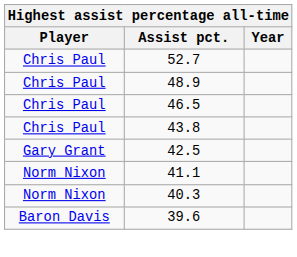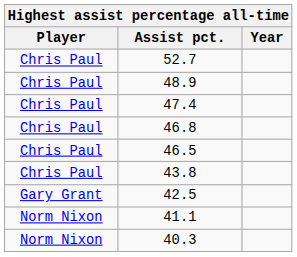 <table class="wikitable sortable" style="text-align:center">
 <tr>
 <th colspan="3">Highest assist percentage all-time</th>
 </tr>
 <tr>
 <th>Player</th>
 <th>Assist pct.</th>
 <th>Year</th>
 </tr>
 <tr>
 <td><a href='#'>Chris Paul</a></td>
 <td>52.7</td>
 <td></td>
 </tr>
 <tr>
 <td><a href='#'>Chris Paul</a></td>
 <td>48.9</td>
+<td></td>
+</tr>
+<tr>
+<td><a href='#'>Chris Paul</a></td>
+<td>47.4</td>
+<td></td>
+</tr>
+<tr>
+<td><a href='#'>Chris Paul</a></td>
+<td>46.8</td>
 <td></td>
 </tr>
 <tr>
 <td><a href='#'>Chris Paul</a></td>
 <td>46.5</td>
 <td></td>
 </tr>
 <tr>
 <td><a href='#'>Chris Paul</a></td>
 <td>43.8</td>
 <td></td>
 </tr>
 <tr>
 <td><a href='#'>Gary Grant</a></td>
 <td>42.5</td>
 <td></td>
 </tr>
 <tr>
 <td><a href='#'>Norm Nixon</a></td>
 <td>41.1</td>
 <td></td>
 </tr>
 <tr>
 <td><a href='#'>Norm Nixon</a></td>
 <td>40.3</td>
 <td></td>
 </tr>
-<tr>
-<td><a href='#'>Baron Davis</a></td>
-<td>39.6</td>
-<td></td>
-</tr>
 </table>
